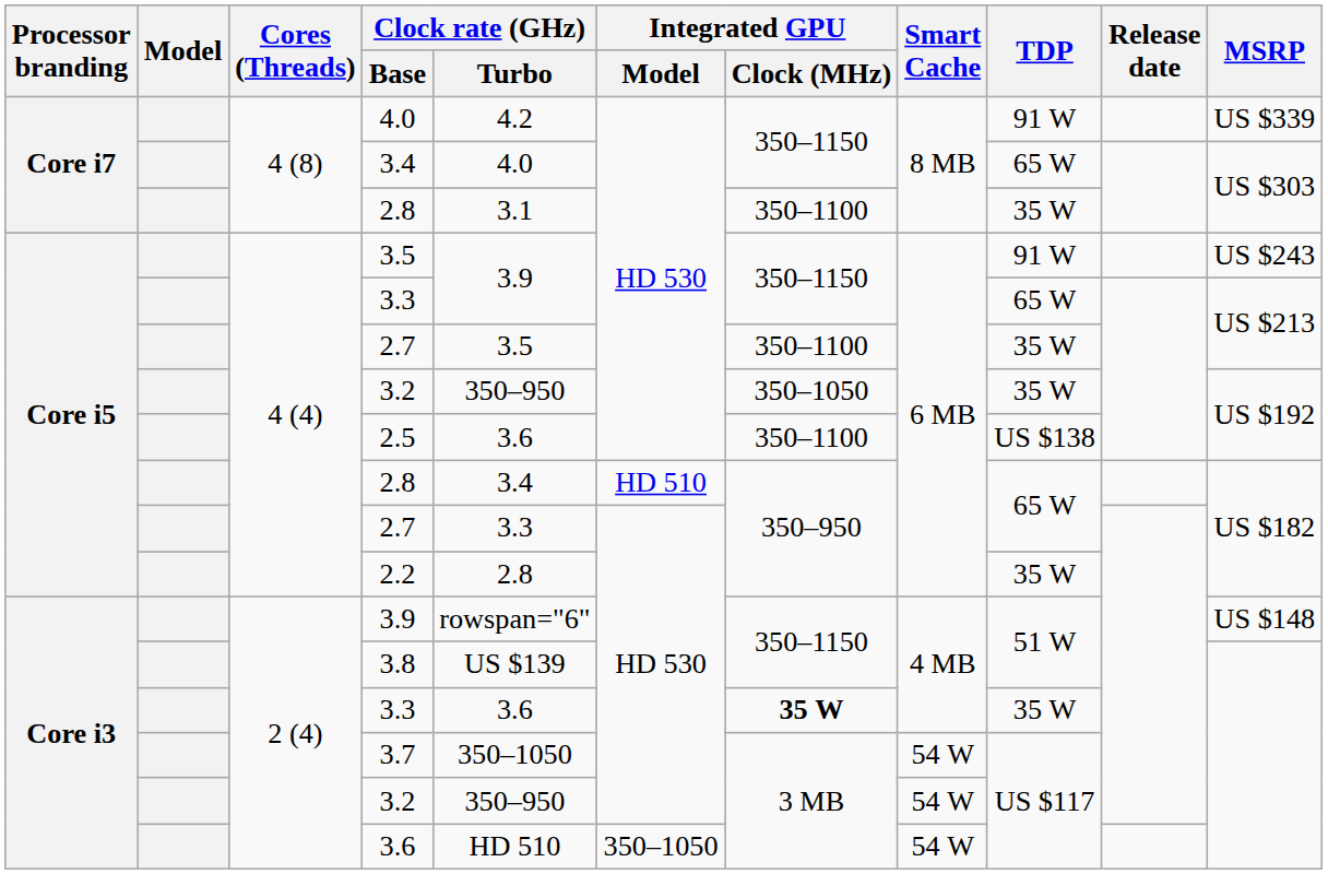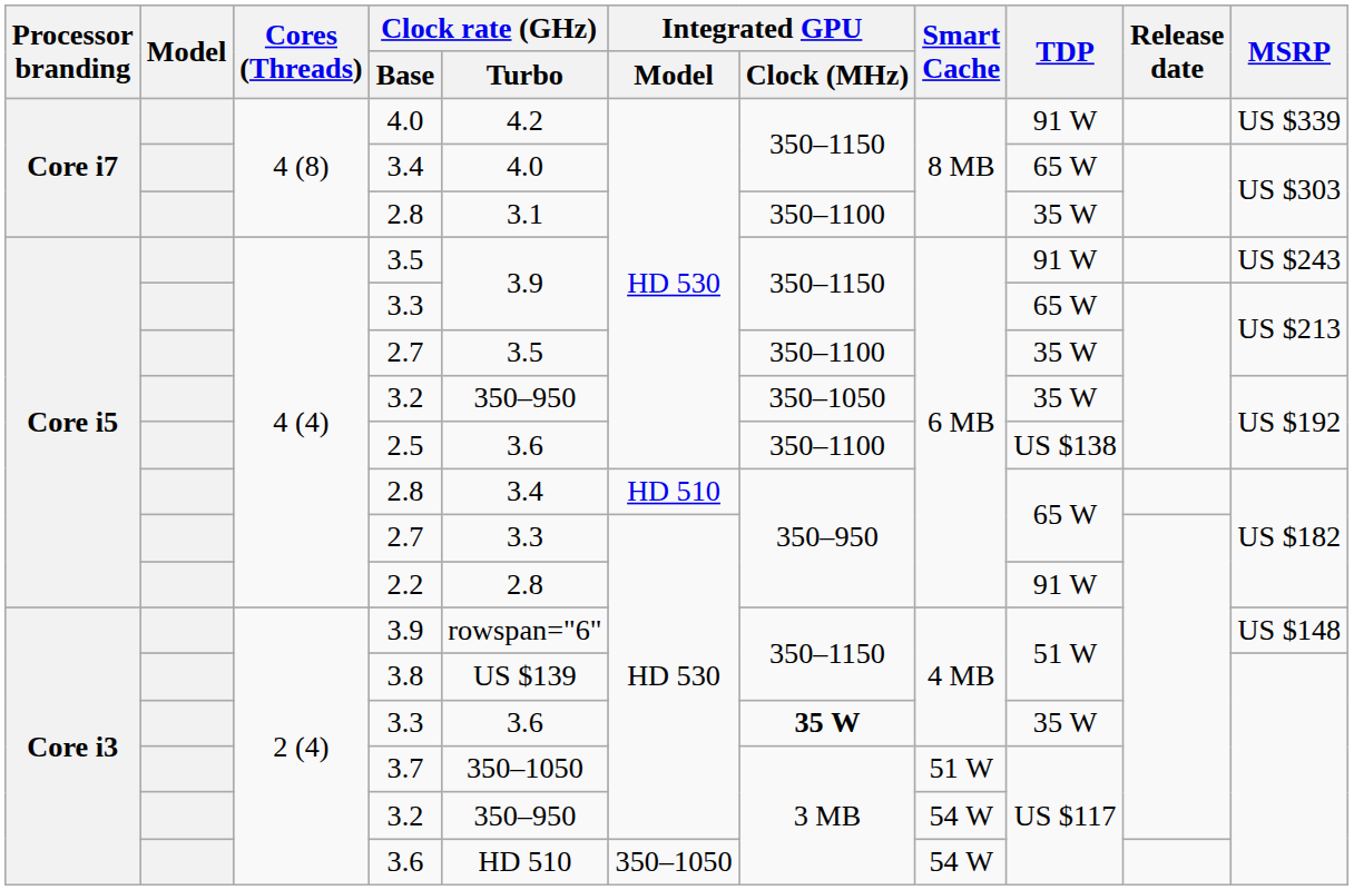 <table class="wikitable sortable nowrap" style="text-align: center;">
 <tr>
 <th class="unsortable" rowspan="2">Processor<br>branding</th>
 <th rowspan="2">Model</th>
 <th class="unsortable" rowspan="2"><a href='#'>Cores</a><br>(<a href='#'>Threads</a>)</th>
 <th colspan="2"><a href='#'>Clock rate</a> (GHz)</th>
 <th colspan="2">Integrated <a href='#'>GPU</a></th>
 <th class="unsortable" rowspan="2"><a href='#'>Smart<br>Cache</a></th>
 <th rowspan="2"><a href='#'>TDP</a></th>
 <th rowspan="2">Release<br>date</th>
 <th class="unsortable" rowspan="2"><a href='#'>MSRP</a></th>
 </tr>
 <tr>
 <th class="unsortable">Base</th>
 <th class="unsortable">Turbo</th>
 <th class="unsortable">Model</th>
 <th class="unsortable">Clock (MHz)</th>
 </tr>
 <tr>
 <th rowspan="3">Core i7</th>
 <th style="text-align:left;" data-sort-value="sku17"></th>
 <td rowspan="3">4 (8)</td>
 <td>4.0</td>
 <td>4.2</td>
 <td rowspan="8"><a href='#'>HD 530</a></td>
 <td rowspan="2">350–1150</td>
 <td rowspan="3">8 MB</td>
 <td>91 W</td>
 <td></td>
 <td>US $339</td>
 </tr>
 <tr>
 <th style="text-align:left;" data-sort-value="sku16"></th>
 <td>3.4</td>
 <td>4.0</td>
 <td>65 W</td>
 <td rowspan="2"></td>
 <td rowspan="2">US $303</td>
 </tr>
 <tr>
 <th style="text-align:left;" data-sort-value="sku15"></th>
 <td>2.8</td>
 <td>3.1</td>
 <td>350–1100</td>
 <td>35 W</td>
 </tr>
 <tr>
 <th rowspan="8">Core i5</th>
 <th style="text-align:left;" data-sort-value="sku14"></th>
 <td rowspan="8">4 (4)</td>
 <td>3.5</td>
 <td rowspan="2">3.9</td>
 <td rowspan="2">350–1150</td>
 <td rowspan="8">6 MB</td>
 <td>91 W</td>
 <td></td>
 <td>US $243</td>
 </tr>
 <tr>
 <th style="text-align:left;" data-sort-value="sku13"></th>
 <td>3.3</td>
 <td>65 W</td>
 <td rowspan="4"></td>
 <td rowspan="2">US $213</td>
 </tr>
 <tr>
 <th style="text-align:left;" data-sort-value="sku12"></th>
 <td>2.7</td>
 <td>3.5</td>
 <td>350–1100</td>
 <td>35 W</td>
 </tr>
 <tr>
 <th style="text-align:left;" data-sort-value="sku11"></th>
 <td>3.2</td>
 <td>350–950</td>
 <td>350–1050</td>
 <td>35 W</td>
 <td rowspan="2">US $192</td>
 </tr>
 <tr>
 <th style="text-align:left;" data-sort-value="sku10"></th>
 <td>2.5</td>
 <td>3.6</td>
 <td>350–1100</td>
 <td>US $138</td>
 </tr>
 <tr>
 <th style="text-align:left;" data-sort-value="sku9"></th>
 <td>2.8</td>
 <td>3.4</td>
 <td><a href='#'>HD 510</a></td>
 <td rowspan="3">350–950</td>
 <td rowspan="2">65 W</td>
 <td></td>
 <td rowspan="3">US $182</td>
 </tr>
 <tr>
 <th style="text-align:left;" data-sort-value="sku8"></th>
 <td>2.7</td>
 <td>3.3</td>
 <td rowspan="7">HD 530</td>
 <td rowspan="7"></td>
 </tr>
 <tr>
 <th style="text-align:left;" data-sort-value="sku7"></th>
 <td>2.2</td>
 <td>2.8</td>
-<td>35 W</td>
+<td>91 W</td>
 </tr>
 <tr>
 <th rowspan="6">Core i3</th>
 <th style="text-align:left;" data-sort-value="sku6"></th>
 <td rowspan="6">2 (4)</td>
 <td>3.9</td>
 <td>rowspan="6" </td>
 <td rowspan="2">350–1150</td>
 <td rowspan="3">4 MB</td>
 <td rowspan="2">51 W</td>
 <td>US $148</td>
 </tr>
 <tr>
 <th style="text-align:left;" data-sort-value="sku5"></th>
 <td>3.8</td>
 <td>US $139</td>
 </tr>
 <tr>
 <th style="text-align:left;" data-sort-value="sku4"></th>
 <td>3.3</td>
 <td>3.6</td>
 <td><strong>35 W</strong></td>
 <td>35 W</td>
 </tr>
 <tr>
 <th style="text-align:left;" data-sort-value="sku3"></th>
 <td>3.7</td>
 <td>350–1050</td>
 <td rowspan="3">3 MB</td>
-<td>54 W</td>
+<td>51 W</td>
 <td rowspan="3">US $117</td>
 </tr>
 <tr>
 <th style="text-align:left;" data-sort-value="sku2"></th>
 <td>3.2</td>
 <td>350–950</td>
 <td>54 W</td>
 </tr>
 <tr>
 <th style="text-align:left;" data-sort-value="sku1"></th>
 <td>3.6</td>
 <td>HD 510</td>
 <td>350–1050</td>
 <td>54 W</td>
 <td></td>
 </tr>
 </table>
